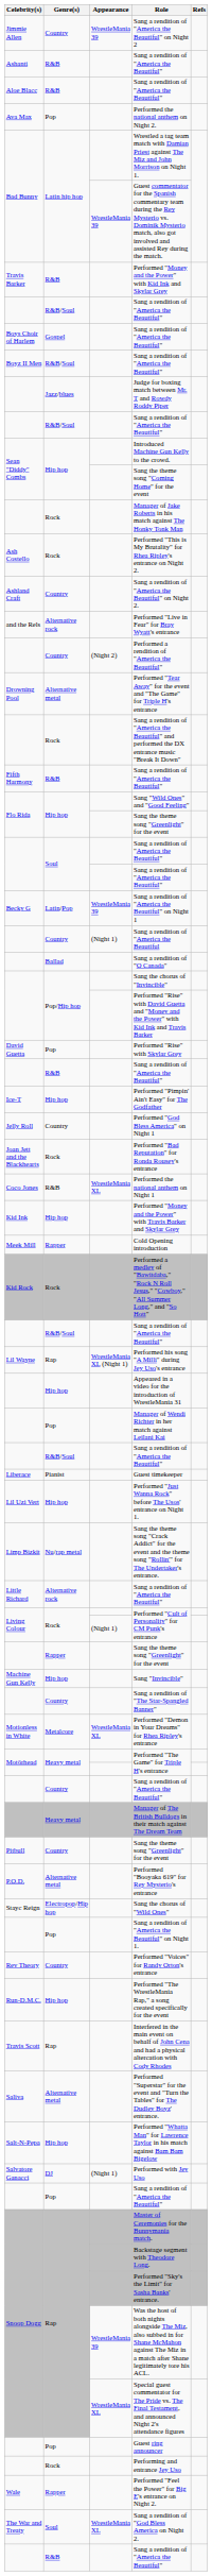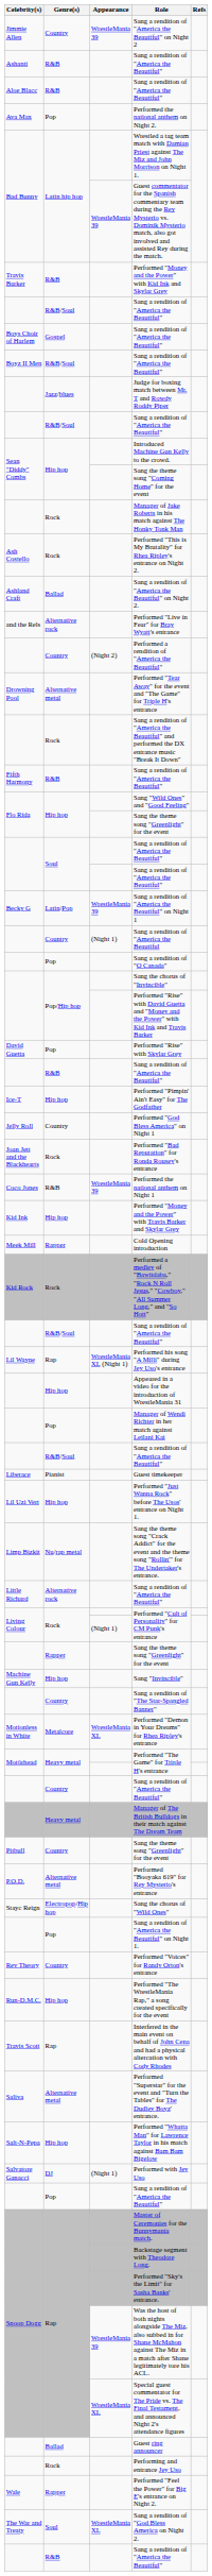 <table class="wikitable sortable" width="75%">
 <tr>
 <th width="20%">Celebrity(s)</th>
 <th width="15%">Genre(s)</th>
 <th width="20%">Appearance</th>
 <th width="70%">Role</th>
 <th class="unsortable">Refs</th>
 </tr>
 <tr>
 <td><a href='#'>Jimmie Allen</a></td>
 <td><a href='#'>Country</a></td>
 <td><a href='#'>WrestleMania 39</a></td>
 <td>Sang a rendition of "<a href='#'>America the Beautiful</a>" on Night 2</td>
 <td></td>
 </tr>
 <tr>
 <td><a href='#'>Ashanti</a></td>
 <td><a href='#'>R&B</a></td>
 <td></td>
 <td>Sang a rendition of "<a href='#'>America the Beautiful</a>"</td>
 <td></td>
 </tr>
 <tr>
 <td><a href='#'>Aloe Blacc</a></td>
 <td><a href='#'>R&B</a></td>
 <td></td>
 <td>Sang a rendition of "<a href='#'>America the Beautiful</a>"</td>
 <td></td>
 </tr>
 <tr>
 <td><a href='#'>Ava Max</a></td>
 <td>Pop</td>
 <td></td>
 <td>Performed the <a href='#'>national anthem</a> on Night 2.</td>
 <td></td>
 </tr>
 <tr>
 <td rowspan="2"><a href='#'>Bad Bunny</a></td>
 <td rowspan="2"><a href='#'>Latin hip hop</a></td>
 <td></td>
 <td>Wrestled a tag team match with <a href='#'>Damian Priest</a> against <a href='#'>The Miz and John Morrison</a> on Night 1.</td>
 <td rowspan="2"></td>
 </tr>
 <tr>
 <td><a href='#'>WrestleMania 39</a></td>
 <td>Guest <a href='#'>commentator</a> for the <a href='#'>Spanish</a> commentary team during the <a href='#'>Rey Mysterio</a> vs. <a href='#'>Dominik Mysterio</a> match, also got involved and assisted Rey during the match.</td>
 </tr>
 <tr>
 <td><a href='#'>Travis Barker</a></td>
 <td><a href='#'>R&B</a></td>
 <td></td>
 <td>Performed "<a href='#'>Money and the Power</a>" with <a href='#'>Kid Ink</a> and <a href='#'>Skylar Grey</a></td>
 <td></td>
 </tr>
 <tr>
 <td></td>
 <td><a href='#'>R&B</a>/<a href='#'>Soul</a></td>
 <td></td>
 <td>Sang a rendition of "<a href='#'>America the Beautiful</a>"</td>
 <td></td>
 </tr>
 <tr>
 <td><a href='#'>Boys Choir of Harlem</a></td>
 <td><a href='#'>Gospel</a></td>
 <td></td>
 <td>Sang a rendition of "<a href='#'>America the Beautiful</a>"</td>
 <td></td>
 </tr>
 <tr>
 <td><a href='#'>Boyz II Men</a></td>
 <td><a href='#'>R&B</a>/<a href='#'>Soul</a></td>
 <td></td>
 <td>Sang a rendition of "<a href='#'>America the Beautiful</a>"</td>
 <td></td>
 </tr>
 <tr>
 <td></td>
 <td><a href='#'>Jazz</a>/<a href='#'>blues</a></td>
 <td></td>
 <td>Judge for boxing match between <a href='#'>Mr. T</a> and <a href='#'>Rowdy Roddy Piper</a></td>
 <td></td>
 </tr>
 <tr>
 <td></td>
 <td><a href='#'>R&B</a>/<a href='#'>Soul</a></td>
 <td></td>
 <td>Sang a rendition of "<a href='#'>America the Beautiful</a>"</td>
 <td></td>
 </tr>
 <tr>
 <td rowspan="2"><a href='#'>Sean "Diddy" Combs</a></td>
 <td rowspan="2"><a href='#'>Hip hop</a></td>
 <td></td>
 <td>Introduced <a href='#'>Machine Gun Kelly</a> to the crowd.</td>
 <td></td>
 </tr>
 <tr>
 <td></td>
 <td>Sang the theme song "<a href='#'>Coming Home</a>" for the event</td>
 <td></td>
 </tr>
 <tr>
 <td></td>
 <td>Rock</td>
 <td></td>
 <td><a href='#'>Manager</a> of <a href='#'>Jake Roberts</a> in his match against <a href='#'>The Honky Tonk Man</a></td>
 <td></td>
 </tr>
 <tr>
 <td><a href='#'>Ash Costello</a></td>
 <td>Rock</td>
 <td></td>
 <td>Performed "This is My Brutality" for <a href='#'>Rhea Ripley</a>'s entrance on Night 2.</td>
 <td></td>
 </tr>
 <tr>
 <td><a href='#'>Ashland Craft</a></td>
-<td><a href='#'>Country</a></td>
+<td><a href='#'>Ballad</a></td>
 <td></td>
 <td>Sang a rendition of "<a href='#'>America the Beautiful</a>" on Night 2.</td>
 <td></td>
 </tr>
 <tr>
 <td> and the Rels</td>
 <td><a href='#'>Alternative rock</a></td>
 <td></td>
 <td>Performed "Live in Fear" for <a href='#'>Bray Wyatt</a>'s entrance</td>
 <td></td>
 </tr>
 <tr>
 <td></td>
 <td><a href='#'>Country</a></td>
 <td> (Night 2)</td>
 <td>Performed a rendition of "<a href='#'>America the Beautiful</a>"</td>
 <td></td>
 </tr>
 <tr>
 <td><a href='#'>Drowning Pool</a></td>
 <td><a href='#'>Alternative metal</a></td>
 <td></td>
 <td>Performed "<a href='#'>Tear Away</a>" for the event and "The Game" for <a href='#'>Triple H</a>'s entrance</td>
 <td></td>
 </tr>
 <tr>
 <td></td>
 <td>Rock</td>
 <td></td>
 <td>Sang a rendition of "<a href='#'>America the Beautiful</a>" and performed the DX entrance music "Break It Down"</td>
 <td></td>
 </tr>
 <tr>
 <td><a href='#'>Fifth Harmony</a></td>
 <td><a href='#'>R&B</a></td>
 <td></td>
 <td>Sang a rendition of "<a href='#'>America the Beautiful</a>"</td>
 <td></td>
 </tr>
 <tr>
 <td rowspan="2"><a href='#'>Flo Rida</a></td>
 <td rowspan="2"><a href='#'>Hip hop</a></td>
 <td></td>
 <td>Sang "<a href='#'>Wild Ones</a>" and "<a href='#'>Good Feeling</a>"</td>
 <td></td>
 </tr>
 <tr>
 <td></td>
 <td>Sang the theme song "<a href='#'>Greenlight</a>" for the event</td>
 <td></td>
 </tr>
 <tr>
 <td rowspan="2"></td>
 <td rowspan="2"><a href='#'>Soul</a></td>
 <td></td>
 <td>Sang a rendition of "<a href='#'>America the Beautiful</a>"</td>
 <td></td>
 </tr>
 <tr>
 <td></td>
 <td>Sang a rendition of "<a href='#'>America the Beautiful</a>"</td>
 <td></td>
 </tr>
 <tr>
 <td><a href='#'>Becky G</a></td>
 <td><a href='#'>Latin</a>/<a href='#'>Pop</a></td>
 <td><a href='#'>WrestleMania 39</a></td>
 <td>Sang a rendition of "<a href='#'>America the Beautiful</a>" on Night 1</td>
 <td></td>
 </tr>
 <tr>
 <td></td>
 <td><a href='#'>Country</a></td>
 <td> (Night 1)</td>
 <td>Sang a rendition of "<a href='#'>America the Beautiful</a></td>
 <td></td>
 </tr>
 <tr>
 <td></td>
-<td><a href='#'>Ballad</a></td>
+<td>Pop</td>
 <td></td>
 <td>Sang a rendition of "<a href='#'>O Canada</a>"</td>
 <td></td>
 </tr>
 <tr>
 <td rowspan="2"></td>
 <td rowspan="2">Pop/<a href='#'>Hip hop</a></td>
 <td></td>
 <td>Sang the chorus of "<a href='#'>Invincible</a>"</td>
 <td></td>
 </tr>
 <tr>
 <td></td>
 <td>Performed "Rise" with <a href='#'>David Guetta</a> and "<a href='#'>Money and the Power</a>" with <a href='#'>Kid Ink</a> and <a href='#'>Travis Barker</a></td>
 <td></td>
 </tr>
 <tr>
 <td><a href='#'>David Guetta</a></td>
 <td>Pop</td>
 <td></td>
 <td>Performed "Rise" with <a href='#'>Skylar Grey</a></td>
 <td></td>
 </tr>
 <tr>
 <td></td>
 <td><a href='#'>R&B</a></td>
 <td></td>
 <td>Sang a rendition of "<a href='#'>America the Beautiful</a>"</td>
 <td></td>
 </tr>
 <tr>
 <td><a href='#'>Ice-T</a></td>
 <td><a href='#'>Hip hop</a></td>
 <td></td>
 <td>Performed "Pimpin' Ain't Easy" for <a href='#'>The Godfather</a></td>
 <td></td>
 </tr>
 <tr>
 <td><a href='#'>Jelly Roll</a></td>
 <td>Country</td>
 <td></td>
 <td>Performed "<a href='#'>God Bless America</a>" on Night 1</td>
 <td></td>
 </tr>
 <tr>
 <td><a href='#'>Joan Jett and the Blackhearts</a></td>
 <td>Rock</td>
 <td></td>
 <td>Performed "<a href='#'>Bad Reputation</a>" for <a href='#'>Ronda Rousey</a>'s entrance</td>
 <td></td>
 </tr>
 <tr>
 <td><a href='#'>Coco Jones</a></td>
 <td>R&B</td>
-<td><a href='#'>WrestleMania XL</a></td>
+<td><a href='#'>WrestleMania 39</a></td>
 <td>Performed the <a href='#'>national anthem</a> on Night 1</td>
 <td></td>
 </tr>
 <tr>
 <td><a href='#'>Kid Ink</a></td>
 <td><a href='#'>Hip hop</a></td>
 <td></td>
 <td>Performed "<a href='#'>Money and the Power</a>" with <a href='#'>Travis Barker</a> and <a href='#'>Skylar Grey</a></td>
 <td></td>
 </tr>
 <tr>
 <td><a href='#'>Meek Mill</a></td>
 <td><a href='#'>Rapper</a></td>
 <td></td>
 <td>Cold Opening introduction</td>
 <td></td>
 </tr>
 <tr style="background:silver;">
 <td><a href='#'>Kid Rock</a></td>
 <td>Rock</td>
 <td></td>
 <td>Performed a <a href='#'>medley</a> of "<a href='#'>Bawitdaba</a>," "<a href='#'>Rock N Roll Jesus</a>," "<a href='#'>Cowboy</a>," "<a href='#'>All Summer Long</a>," and "<a href='#'>So Hott</a>"</td>
 <td></td>
 </tr>
 <tr>
 <td></td>
 <td><a href='#'>R&B</a>/<a href='#'>Soul</a></td>
 <td></td>
 <td>Sang a rendition of "<a href='#'>America the Beautiful</a>"</td>
 <td></td>
 </tr>
 <tr>
 <td><a href='#'>Lil Wayne</a></td>
 <td>Rap</td>
 <td><a href='#'>WrestleMania XL</a> (Night 1)</td>
 <td>Performed his song "<a href='#'>A Milli</a>" during <a href='#'>Jey Uso</a>'s entrance</td>
 <td></td>
 </tr>
 <tr>
 <td></td>
 <td><a href='#'>Hip hop</a></td>
 <td></td>
 <td>Appeared in a video for the introduction of WrestleMania 31</td>
 <td></td>
 </tr>
 <tr>
 <td></td>
 <td>Pop</td>
 <td></td>
 <td><a href='#'>Manager</a> of <a href='#'>Wendi Richter</a> in her match against <a href='#'>Leilani Kai</a></td>
 <td></td>
 </tr>
 <tr>
 <td></td>
 <td><a href='#'>R&B</a>/<a href='#'>Soul</a></td>
 <td></td>
 <td>Sang a rendition of "<a href='#'>America the Beautiful</a>"</td>
 <td></td>
 </tr>
 <tr>
 <td><a href='#'>Liberace</a></td>
 <td>Pianist</td>
 <td></td>
 <td>Guest timekeeper</td>
 <td></td>
 </tr>
 <tr>
 <td><a href='#'>Lil Uzi Vert</a></td>
 <td><a href='#'>Hip hop</a></td>
 <td></td>
 <td>Performed "<a href='#'>Just Wanna Rock</a>" before <a href='#'>The Usos</a>' entrance on Night 1.</td>
 <td></td>
 </tr>
 <tr>
 <td><a href='#'>Limp Bizkit</a></td>
 <td><a href='#'>Nu</a>/<a href='#'>rap metal</a></td>
 <td></td>
 <td>Sang the theme song "Crack Addict" for the event and the theme song "<a href='#'>Rollin'</a>" for <a href='#'>The Undertaker</a>'s entrance.</td>
 <td></td>
 </tr>
 <tr>
 <td><a href='#'>Little Richard</a></td>
 <td><a href='#'>Alternative rock</a></td>
 <td></td>
 <td>Sang a rendition of "<a href='#'>America the Beautiful</a>"</td>
 <td></td>
 </tr>
 <tr>
 <td rowspan="2"><a href='#'>Living Colour</a></td>
 <td rowspan="2">Rock</td>
 <td></td>
 <td rowspan="2">Performed "<a href='#'>Cult of Personality</a>" for <a href='#'>CM Punk</a>'s entrance</td>
 <td></td>
 </tr>
 <tr>
 <td> (Night 1)</td>
 <td></td>
 </tr>
 <tr>
 <td></td>
 <td><a href='#'>Rapper</a></td>
 <td></td>
 <td>Sang the theme song "<a href='#'>Greenlight</a>" for the event</td>
 <td></td>
 </tr>
 <tr>
 <td><a href='#'>Machine Gun Kelly</a></td>
 <td><a href='#'>Hip hop</a></td>
 <td></td>
 <td>Sang "<a href='#'>Invincible</a>"</td>
 <td></td>
 </tr>
 <tr>
 <td></td>
 <td><a href='#'>Country</a></td>
 <td></td>
 <td>Sang a rendition of "<a href='#'>The Star-Spangled Banner</a>"</td>
 <td></td>
 </tr>
 <tr>
 <td><a href='#'>Motionless in White</a></td>
 <td><a href='#'>Metalcore</a></td>
 <td><a href='#'>WrestleMania XL</a></td>
 <td>Performed "Demon in Your Dreams" for <a href='#'>Rhea Ripley</a>'s entrance</td>
 <td></td>
 </tr>
 <tr>
 <td rowspan="2"><a href='#'>Motörhead</a></td>
 <td rowspan="2"><a href='#'>Heavy metal</a></td>
 <td></td>
 <td rowspan="2">Performed "The Game" for <a href='#'>Triple H</a>'s entrance</td>
 <td></td>
 </tr>
 <tr>
 <td></td>
 <td></td>
 </tr>
 <tr>
 <td></td>
 <td><a href='#'>Country</a></td>
 <td></td>
 <td>Sang a rendition of "<a href='#'>America the Beautiful</a>"</td>
 <td></td>
 </tr>
 <tr style="background:silver;">
 <td></td>
 <td><a href='#'>Heavy metal</a></td>
 <td></td>
 <td><a href='#'>Manager</a> of <a href='#'>The British Bulldogs</a> in their match against <a href='#'>The Dream Team</a></td>
 <td></td>
 </tr>
 <tr>
 <td><a href='#'>Pitbull</a></td>
 <td><a href='#'>Country</a></td>
 <td></td>
 <td>Sang the theme song "<a href='#'>Greenlight</a>" for the event</td>
 <td></td>
 </tr>
 <tr>
 <td><a href='#'>P.O.D.</a></td>
 <td><a href='#'>Alternative metal</a></td>
 <td></td>
 <td>Performed "Booyaka 619" for <a href='#'>Rey Mysterio</a>'s entrance</td>
 <td></td>
 </tr>
 <tr>
 <td>Stayc Reign</td>
 <td><a href='#'>Electropop</a>/<a href='#'>Hip hop</a></td>
 <td></td>
 <td>Sang the chorus of "<a href='#'>Wild Ones</a>"</td>
 <td></td>
 </tr>
 <tr>
 <td></td>
 <td>Pop</td>
 <td></td>
 <td>Sang a rendition of "<a href='#'>America the Beautiful</a>" on Night 1.</td>
 <td></td>
 </tr>
 <tr>
 <td><a href='#'>Rev Theory</a></td>
 <td><a href='#'>Country</a></td>
 <td></td>
 <td>Performed "Voices" for <a href='#'>Randy Orton</a>'s entrance</td>
 <td></td>
 </tr>
 <tr>
 <td><a href='#'>Run-D.M.C.</a></td>
 <td><a href='#'>Hip hop</a></td>
 <td></td>
 <td>Performed "The WrestleMania Rap," a song created specifically for the event</td>
 <td></td>
 </tr>
 <tr>
 <td><a href='#'>Travis Scott</a></td>
 <td>Rap</td>
 <td></td>
 <td>Interfered in the main event on behalf of <a href='#'>John Cena</a> and had a physical altercation with <a href='#'>Cody Rhodes</a></td>
 <td></td>
 </tr>
 <tr>
 <td><a href='#'>Saliva</a></td>
 <td><a href='#'>Alternative metal</a></td>
 <td></td>
 <td>Performed "Superstar" for the event and "Turn the Tables" for <a href='#'>The Dudley Boyz</a>' entrance.</td>
 <td></td>
 </tr>
 <tr>
 <td><a href='#'>Salt-N-Pepa</a></td>
 <td><a href='#'>Hip hop</a></td>
 <td></td>
 <td>Performed "<a href='#'>Whatta Man</a>" for <a href='#'>Lawrence Taylor</a> in his match against <a href='#'>Bam Bam Bigelow</a></td>
 <td></td>
 </tr>
 <tr>
 <td><a href='#'>Salvatore Ganacci</a></td>
 <td><a href='#'>DJ</a></td>
 <td> (Night 1)</td>
 <td>Performed with <a href='#'>Jey Uso</a></td>
 <td></td>
 </tr>
 <tr>
 <td></td>
 <td>Pop</td>
 <td></td>
 <td>Sang a rendition of "<a href='#'>America the Beautiful</a>"</td>
 <td></td>
 </tr>
 <tr style="background:silver;">
 <td rowspan="5"><a href='#'>Snoop Dogg</a></td>
 <td rowspan="5">Rap</td>
 <td></td>
 <td><a href='#'>Master of Ceremonies</a> for the <a href='#'>Bunnymania match</a>.</td>
 <td></td>
 </tr>
 <tr style="background:silver;">
 <td></td>
 <td>Backstage segment with <a href='#'>Theodore Long</a>.</td>
 <td></td>
 </tr>
 <tr style="background:silver;">
 <td></td>
 <td>Performed "Sky's the Limit" for <a href='#'>Sasha Banks</a>' entrance.</td>
 <td></td>
 </tr>
 <tr>
 <td><a href='#'>WrestleMania 39</a></td>
 <td>Was the host of both nights alongside <a href='#'>The Miz</a>, also subbed in for <a href='#'>Shane McMahon</a> against The Miz in a match after Shane legitimately tore his ACL.</td>
 <td></td>
 </tr>
 <tr>
 <td><a href='#'>WrestleMania XL</a></td>
 <td>Special guest commentator for <a href='#'>The Pride</a> vs. <a href='#'>The Final Testament</a>, and announced Night 2's attendance figures</td>
 <td></td>
 </tr>
 <tr>
 <td></td>
-<td>Pop</td>
+<td><a href='#'>Ballad</a></td>
 <td></td>
 <td>Guest <a href='#'>ring announcer</a></td>
 <td></td>
 </tr>
 <tr>
 <td></td>
 <td>Rock</td>
 <td></td>
 <td>Performing and entrance <a href='#'>Jey Uso</a></td>
 <td></td>
 </tr>
 <tr>
 <td><a href='#'>Wale</a></td>
 <td><a href='#'>Rapper</a></td>
 <td></td>
 <td>Performed "Feel the Power" for <a href='#'>Big E</a>'s entrance on Night 2.</td>
 <td></td>
 </tr>
 <tr>
 <td><a href='#'>The War and Treaty</a></td>
 <td><a href='#'>Soul</a></td>
 <td><a href='#'>WrestleMania XL</a></td>
 <td>Sang a rendition of "<a href='#'>God Bless America</a> on Night 2.</td>
 <td></td>
 </tr>
 <tr>
 <td></td>
 <td><a href='#'>R&B</a></td>
 <td></td>
 <td>Sang a rendition of "<a href='#'>America the Beautiful</a>"</td>
 <td></td>
 </tr>
 </table>
